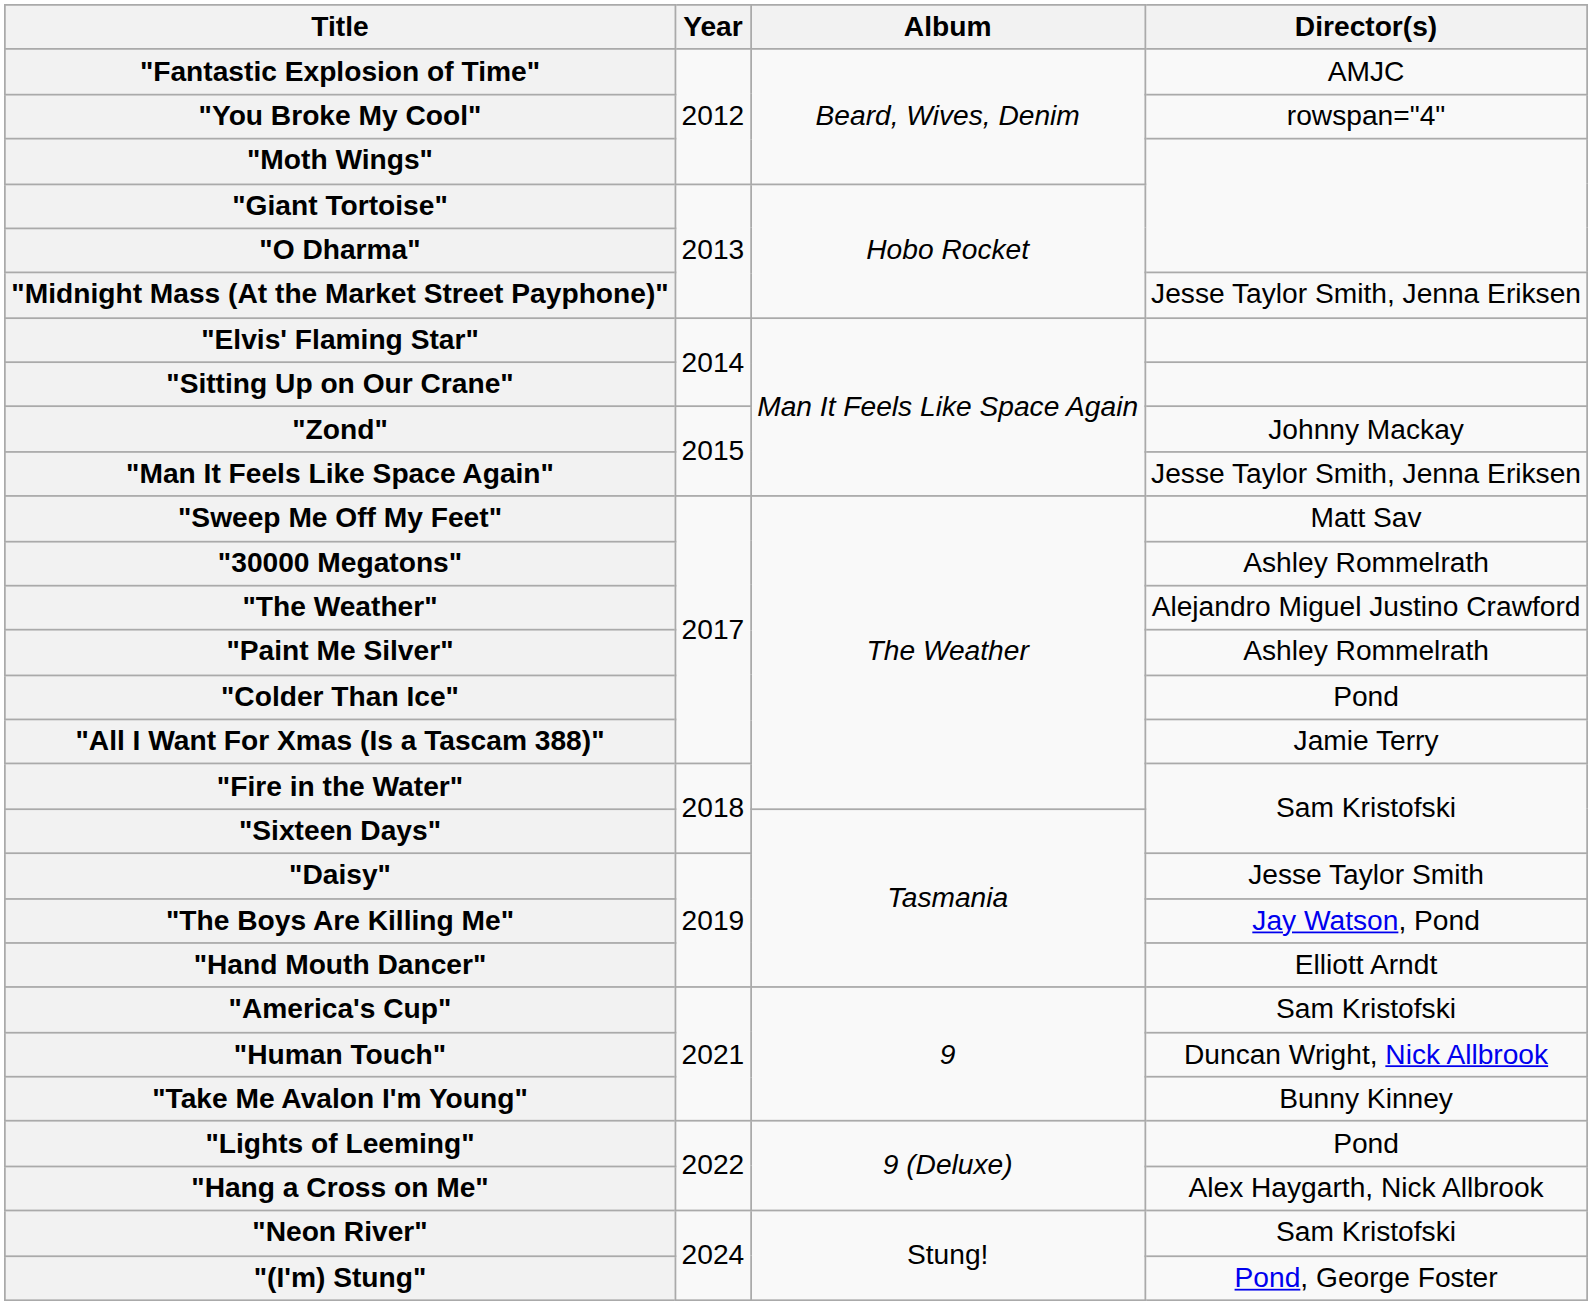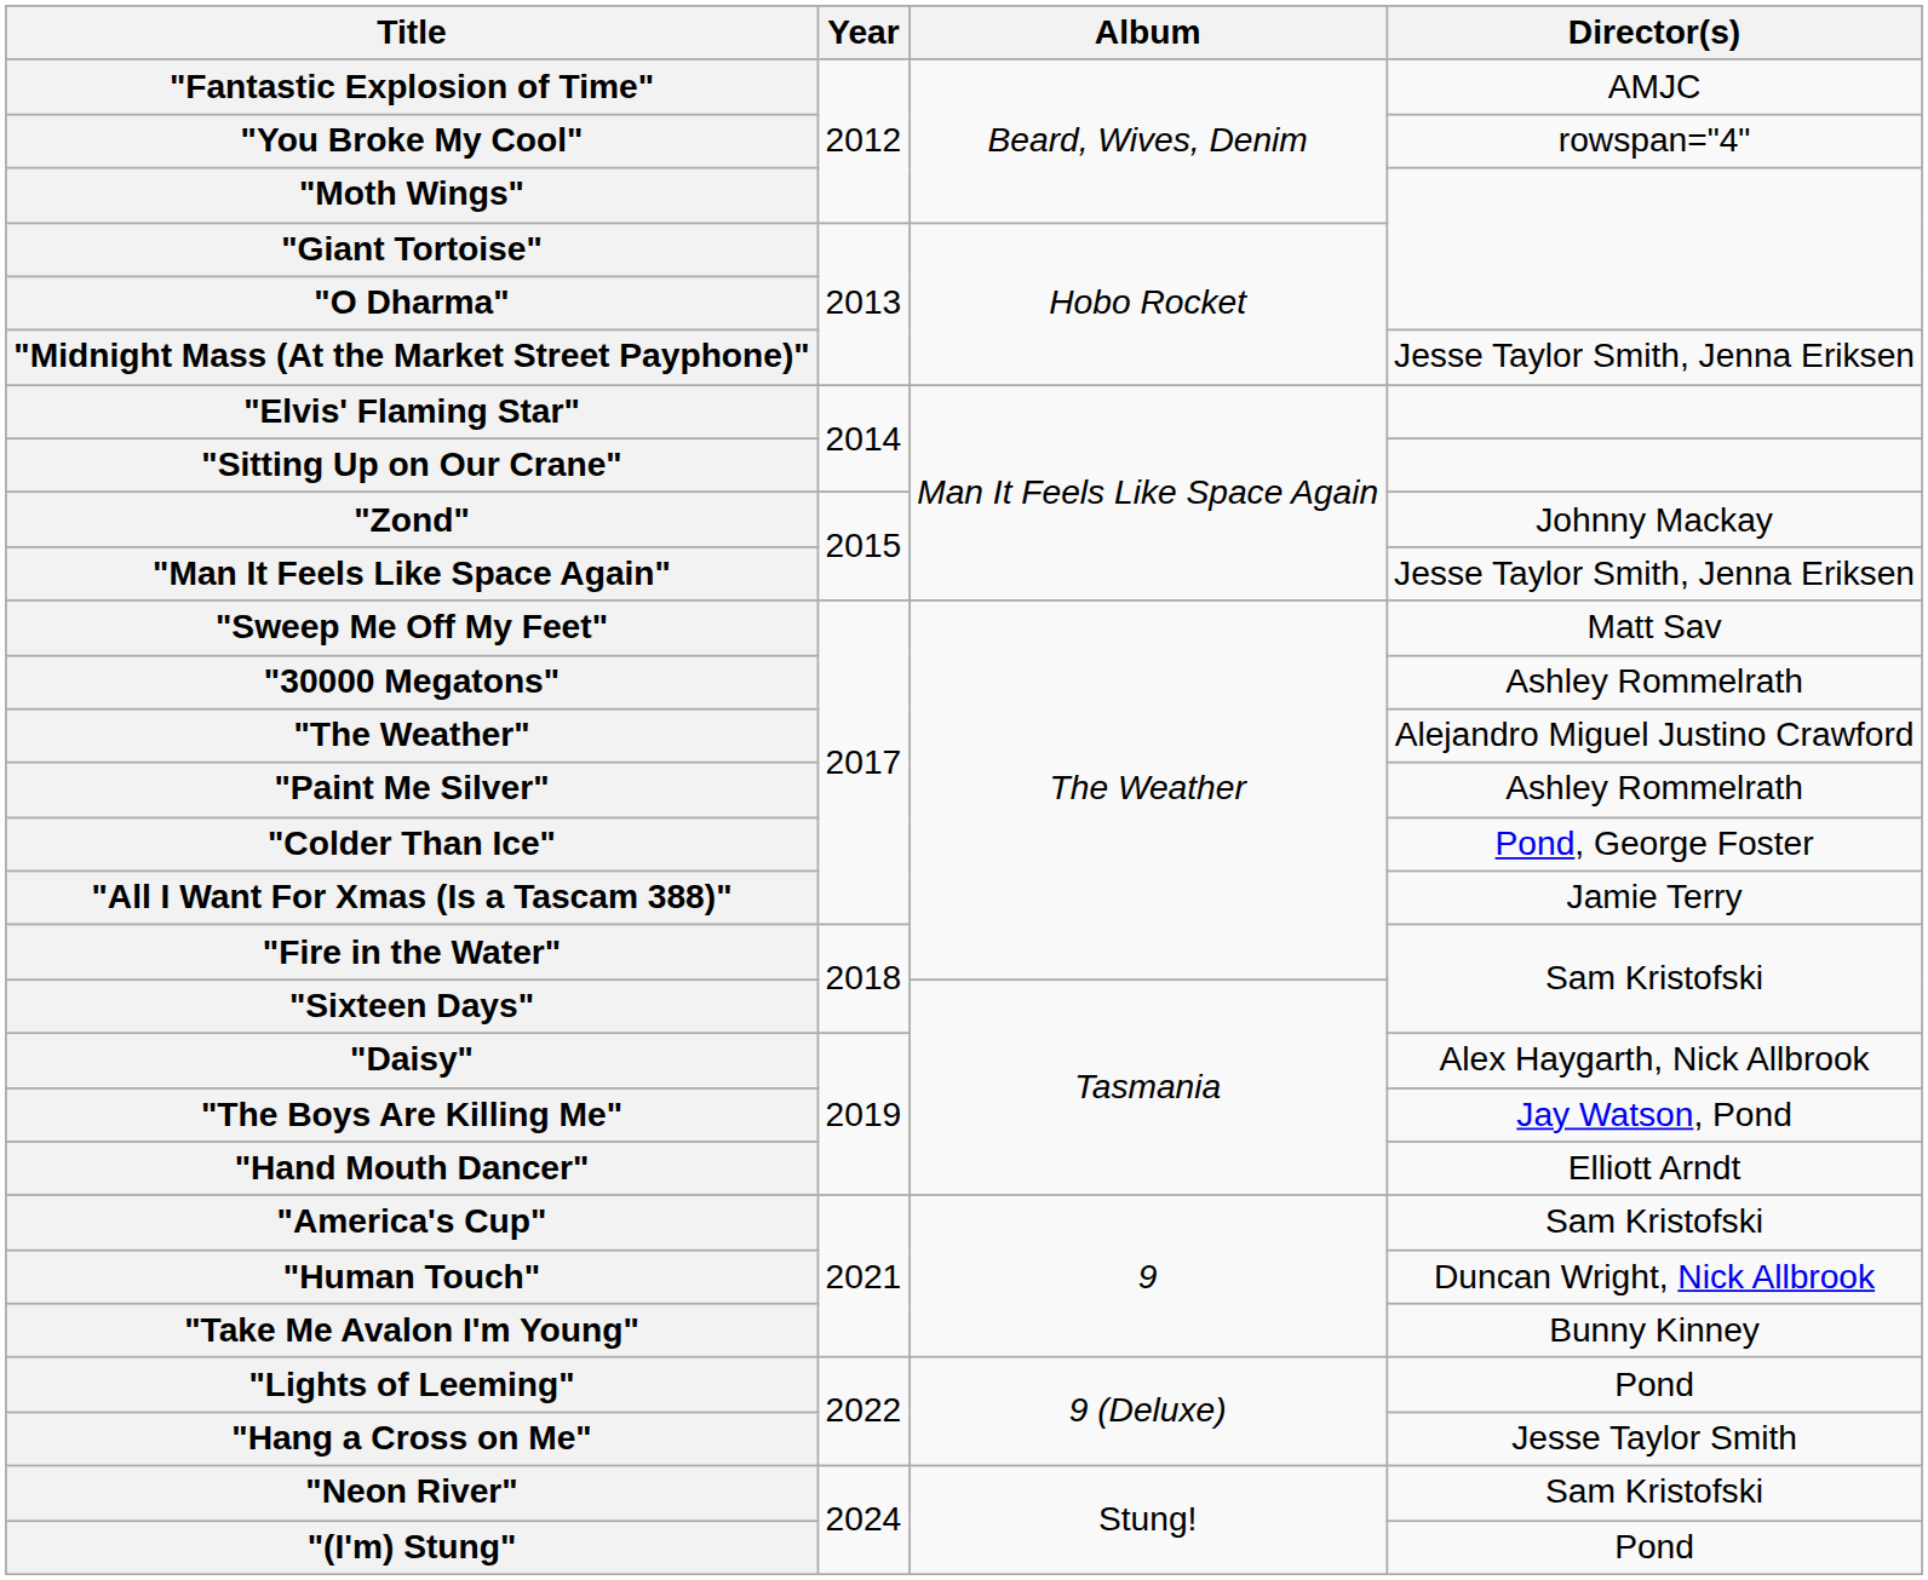 <table class="wikitable plainrowheaders" style="text-align:center;">
 <tr>
 <th scope="col">Title</th>
 <th scope="col">Year</th>
 <th scope="col">Album</th>
 <th scope="col">Director(s)</th>
 </tr>
 <tr>
 <th scope="row">"Fantastic Explosion of Time"</th>
 <td rowspan="3">2012</td>
 <td rowspan="3"><em>Beard, Wives, Denim</em></td>
 <td>AMJC</td>
 </tr>
 <tr>
 <th scope="row">"You Broke My Cool"</th>
 <td>rowspan="4" </td>
 </tr>
 <tr>
 <th scope="row">"Moth Wings"</th>
 </tr>
 <tr>
 <th scope="row">"Giant Tortoise"</th>
 <td rowspan="3">2013</td>
 <td rowspan="3"><em>Hobo Rocket</em></td>
 </tr>
 <tr>
 <th scope="row">"O Dharma"</th>
 </tr>
 <tr>
 <th scope="row">"Midnight Mass (At the Market Street Payphone)"</th>
 <td>Jesse Taylor Smith, Jenna Eriksen</td>
 </tr>
 <tr>
 <th scope="row">"Elvis' Flaming Star"</th>
 <td rowspan="2">2014</td>
 <td rowspan="4"><em>Man It Feels Like Space Again</em></td>
 <td></td>
 </tr>
 <tr>
 <th scope="row">"Sitting Up on Our Crane"</th>
 <td></td>
 </tr>
 <tr>
 <th scope="row">"Zond"</th>
 <td rowspan="2">2015</td>
 <td>Johnny Mackay</td>
 </tr>
 <tr>
 <th scope="row">"Man It Feels Like Space Again"</th>
 <td>Jesse Taylor Smith, Jenna Eriksen</td>
 </tr>
 <tr>
 <th scope="row">"Sweep Me Off My Feet"</th>
 <td rowspan="6">2017</td>
 <td rowspan="7"><em>The Weather</em></td>
 <td>Matt Sav</td>
 </tr>
 <tr>
 <th scope="row">"30000 Megatons"</th>
 <td>Ashley Rommelrath</td>
 </tr>
 <tr>
 <th scope="row">"The Weather"</th>
 <td>Alejandro Miguel Justino Crawford</td>
 </tr>
 <tr>
 <th scope="row">"Paint Me Silver"</th>
 <td>Ashley Rommelrath</td>
 </tr>
 <tr>
 <th scope="row">"Colder Than Ice"</th>
-<td>Pond</td>
+<td><a href='#'>Pond</a>, George Foster</td>
 </tr>
 <tr>
 <th scope="row">"All I Want For Xmas (Is a Tascam 388)"</th>
 <td>Jamie Terry</td>
 </tr>
 <tr>
 <th scope="row">"Fire in the Water"</th>
 <td rowspan="2">2018</td>
 <td rowspan="2">Sam Kristofski</td>
 </tr>
 <tr>
 <th scope="row">"Sixteen Days"</th>
 <td rowspan="4"><em>Tasmania</em></td>
 </tr>
 <tr>
 <th scope="row">"Daisy"</th>
 <td rowspan="3">2019</td>
-<td>Jesse Taylor Smith</td>
+<td>Alex Haygarth, Nick Allbrook</td>
 </tr>
 <tr>
 <th scope="row">"The Boys Are Killing Me"</th>
 <td><a href='#'>Jay Watson</a>, Pond</td>
 </tr>
 <tr>
 <th scope="row">"Hand Mouth Dancer"</th>
 <td>Elliott Arndt</td>
 </tr>
 <tr>
 <th scope="row">"America's Cup"</th>
 <td rowspan="3">2021</td>
 <td rowspan="3"><em>9</em></td>
 <td>Sam Kristofski</td>
 </tr>
 <tr>
 <th scope="row">"Human Touch"</th>
 <td>Duncan Wright, <a href='#'>Nick Allbrook</a></td>
 </tr>
 <tr>
 <th scope="row">"Take Me Avalon I'm Young"</th>
 <td>Bunny Kinney</td>
 </tr>
 <tr>
 <th scope="row">"Lights of Leeming"</th>
 <td rowspan="2">2022</td>
 <td rowspan="2"><em>9 (Deluxe)</em></td>
 <td>Pond</td>
 </tr>
 <tr>
 <th scope="row">"Hang a Cross on Me"</th>
-<td>Alex Haygarth, Nick Allbrook</td>
+<td>Jesse Taylor Smith</td>
 </tr>
 <tr>
 <th scope="row">"Neon River"</th>
 <td rowspan="2">2024</td>
 <td rowspan="2">Stung!</td>
 <td>Sam Kristofski</td>
 </tr>
 <tr>
 <th scope="row">"(I'm) Stung"</th>
-<td><a href='#'>Pond</a>, George Foster</td>
+<td>Pond</td>
 </tr>
 </table>
